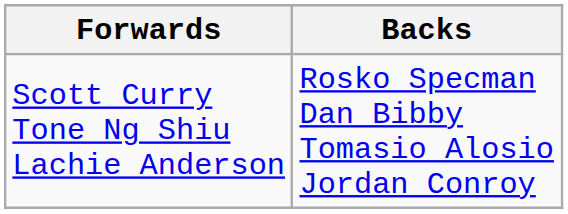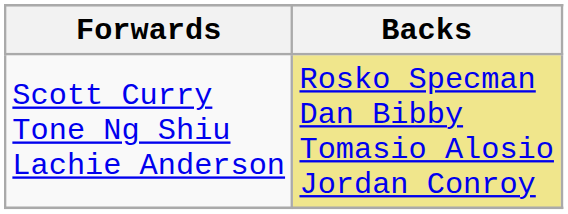 <table class="wikitable sortable">
 <tr>
 </tr>
 <tr>
 <th>Forwards</th>
 <th>Backs</th>
 </tr>
 <tr>
 <td> <a href='#'>Scott Curry</a> <br>  <a href='#'>Tone Ng Shiu</a> <br>  <a href='#'>Lachie Anderson</a></td>
-<td> <a href='#'>Rosko Specman</a> <br>  <a href='#'>Dan Bibby</a> <br>  <a href='#'>Tomasio Alosio</a> <br>  <a href='#'>Jordan Conroy</a></td>
+<td style="background: khaki;"> <a href='#'>Rosko Specman</a> <br>  <a href='#'>Dan Bibby</a> <br>  <a href='#'>Tomasio Alosio</a> <br>  <a href='#'>Jordan Conroy</a></td>
 </tr>
 <tr>
 </tr>
 </table>
